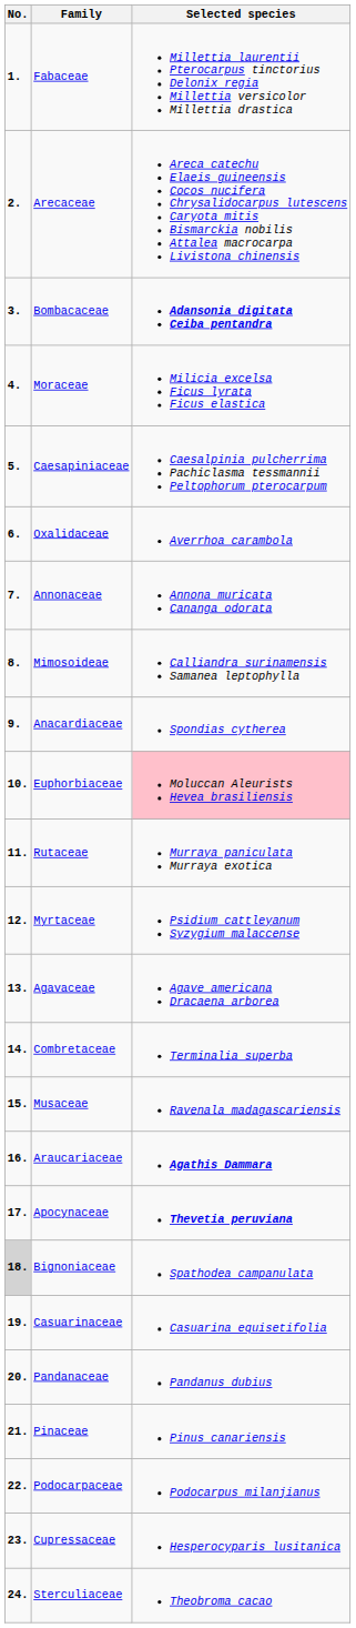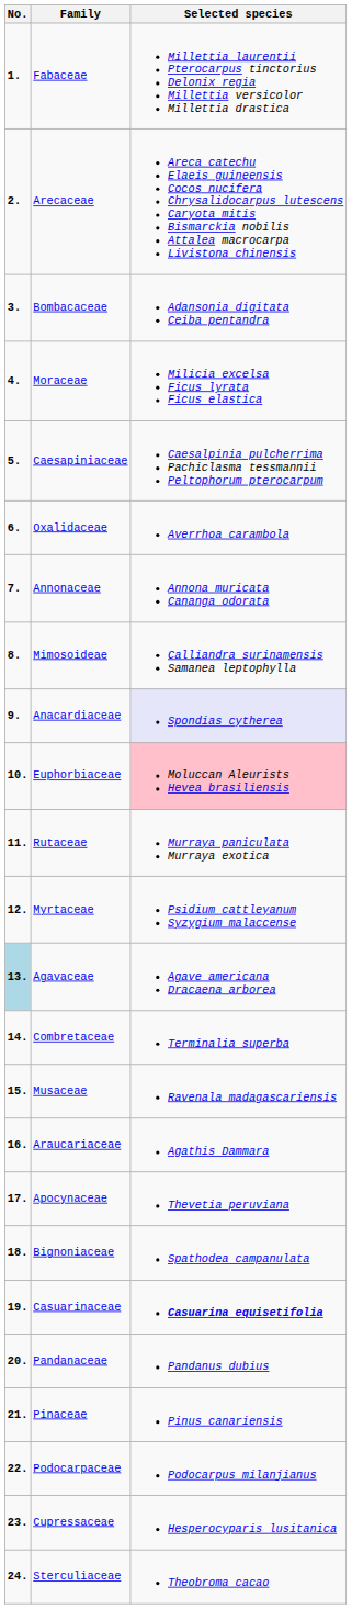 <table class="wikitable">
 <tr>
 <th>No.</th>
 <th>Family</th>
 <th>Selected species</th>
 </tr>
 <tr>
 <td><strong>1.</strong></td>
 <td><a href='#'>Fabaceae</a></td>
 <td><br><ul><li><em><a href='#'>Millettia laurentii</a></em></li><li><em><a href='#'>Pterocarpus</a> tinctorius</em></li><li><em><a href='#'>Delonix regia</a></em></li><li><em><a href='#'>Millettia</a> versicolor</em></li><li><em>Millettia drastica</em></li></ul></td>
 </tr>
 <tr>
 <td><strong>2.</strong></td>
 <td><a href='#'>Arecaceae</a></td>
 <td><br><ul><li><em><a href='#'>Areca catechu</a></em></li><li><em><a href='#'>Elaeis guineensis</a></em></li><li><em><a href='#'>Cocos nucifera</a></em></li><li><em><a href='#'>Chrysalidocarpus lutescens</a></em></li><li><em><a href='#'>Caryota mitis</a></em></li><li><em><a href='#'>Bismarckia</a> nobilis</em></li><li><em><a href='#'>Attalea</a> macrocarpa</em></li><li><em><a href='#'>Livistona chinensis</a></em></li></ul></td>
 </tr>
 <tr>
 <td><strong>3.</strong></td>
 <td><a href='#'>Bombacaceae</a></td>
-<td><strong><br><ul><li><a href='#'><em>Adansonia digitata</em></a></li><li><em><a href='#'>Ceiba pentandra</a></em></li></ul></strong></td>
+<td><br><ul><li><a href='#'><em>Adansonia digitata</em></a></li><li><em><a href='#'>Ceiba pentandra</a></em></li></ul></td>
 </tr>
 <tr>
 <td><strong>4.</strong></td>
 <td><a href='#'>Moraceae</a></td>
 <td><br><ul><li><em><a href='#'>Milicia excelsa</a></em></li><li><em><a href='#'>Ficus lyrata</a></em></li><li><em><a href='#'>Ficus elastica</a></em></li></ul></td>
 </tr>
 <tr>
 <td><strong>5.</strong></td>
 <td><a href='#'>Caesapiniaceae</a></td>
 <td><br><ul><li><em><a href='#'>Caesalpinia pulcherrima</a></em></li><li><em>Pachiclasma tessmannii</em></li><li><em><a href='#'>Peltophorum pterocarpum</a></em></li></ul></td>
 </tr>
 <tr>
 <td><strong>6.</strong></td>
 <td><a href='#'>Oxalidaceae</a></td>
 <td><br><ul><li><em><a href='#'>Averrhoa carambola</a></em></li></ul></td>
 </tr>
 <tr>
 <td><strong>7.</strong></td>
 <td><a href='#'>Annonaceae</a></td>
 <td><br><ul><li><em><a href='#'>Annona muricata</a></em></li><li><em><a href='#'>Cananga odorata</a></em></li></ul></td>
 </tr>
 <tr>
 <td><strong>8.</strong></td>
 <td><a href='#'>Mimosoideae</a></td>
 <td><br><ul><li><em><a href='#'>Calliandra surinamensis</a></em></li><li><em>Samanea leptophylla</em></li></ul></td>
 </tr>
 <tr>
 <td><strong>9.</strong></td>
 <td><a href='#'>Anacardiaceae</a></td>
-<td><br><ul><li><em><a href='#'>Spondias cytherea</a></em></li></ul></td>
+<td style="background: lavender;"><br><ul><li><em><a href='#'>Spondias cytherea</a></em></li></ul></td>
 </tr>
 <tr>
 <td><strong>10.</strong></td>
 <td><a href='#'>Euphorbiaceae</a></td>
 <td style="background: pink;"><br><ul><li><em>Moluccan Aleurists</em></li><li><em><a href='#'>Hevea brasiliensis</a></em></li></ul></td>
 </tr>
 <tr>
 <td><strong>11.</strong></td>
 <td><a href='#'>Rutaceae</a></td>
 <td><br><ul><li><em><a href='#'>Murraya paniculata</a></em></li><li><em>Murraya exotica</em></li></ul></td>
 </tr>
 <tr>
 <td><strong>12.</strong></td>
 <td><a href='#'>Myrtaceae</a></td>
 <td><br><ul><li><em><a href='#'>Psidium cattleyanum</a></em></li><li><em><a href='#'>Syzygium malaccense</a></em></li></ul></td>
 </tr>
 <tr>
-<td><strong>13.</strong></td>
+<td style="background: lightblue;"><strong>13.</strong></td>
 <td><a href='#'>Agavaceae</a></td>
 <td><br><ul><li><em><a href='#'>Agave americana</a></em></li><li><em><a href='#'>Dracaena arborea</a></em></li></ul></td>
 </tr>
 <tr>
 <td><strong>14.</strong></td>
 <td><a href='#'>Combretaceae</a></td>
 <td><br><ul><li><em><a href='#'>Terminalia superba</a></em></li></ul></td>
 </tr>
 <tr>
 <td><strong>15.</strong></td>
 <td><a href='#'>Musaceae</a></td>
 <td><br><ul><li><em><a href='#'>Ravenala madagascariensis</a></em></li></ul></td>
 </tr>
 <tr>
 <td><strong>16.</strong></td>
 <td><a href='#'>Araucariaceae</a></td>
-<td><strong><br><ul><li><em><a href='#'>Agathis Dammara</a></em></li></ul></strong></td>
+<td><br><ul><li><em><a href='#'>Agathis Dammara</a></em></li></ul></td>
 </tr>
 <tr>
 <td><strong>17.</strong></td>
 <td><a href='#'>Apocynaceae</a></td>
-<td><strong><br><ul><li><em><a href='#'>Thevetia peruviana</a></em></li></ul></strong></td>
+<td><br><ul><li><em><a href='#'>Thevetia peruviana</a></em></li></ul></td>
 </tr>
 <tr>
-<td style="background: lightgrey;"><strong>18.</strong></td>
+<td><strong>18.</strong></td>
 <td><a href='#'>Bignoniaceae</a></td>
 <td><br><ul><li><em><a href='#'>Spathodea campanulata</a></em></li></ul></td>
 </tr>
 <tr>
 <td><strong>19.</strong></td>
 <td><a href='#'>Casuarinaceae</a></td>
-<td><br><ul><li><em><a href='#'>Casuarina equisetifolia</a></em></li></ul></td>
+<td><strong><br><ul><li><em><a href='#'>Casuarina equisetifolia</a></em></li></ul></strong></td>
 </tr>
 <tr>
 <td><strong>20.</strong></td>
 <td><a href='#'>Pandanaceae</a></td>
 <td><br><ul><li><em><a href='#'>Pandanus dubius</a></em></li></ul></td>
 </tr>
 <tr>
 <td><strong>21.</strong></td>
 <td><a href='#'>Pinaceae</a></td>
 <td><br><ul><li><em><a href='#'>Pinus canariensis</a></em></li></ul></td>
 </tr>
 <tr>
 <td><strong>22.</strong></td>
 <td><a href='#'>Podocarpaceae</a></td>
 <td><br><ul><li><em><a href='#'>Podocarpus milanjianus</a></em></li></ul></td>
 </tr>
 <tr>
 <td><strong>23.</strong></td>
 <td><a href='#'>Cupressaceae</a></td>
 <td><br><ul><li><em><a href='#'>Hesperocyparis lusitanica</a></em></li></ul></td>
 </tr>
 <tr>
 <td rowspan="2"><strong>24.</strong></td>
 <td rowspan="2"><a href='#'>Sterculiaceae</a></td>
 <td rowspan="2"><br><ul><li><em><a href='#'>Theobroma cacao</a></em></li></ul></td>
 </tr>
 </table>
